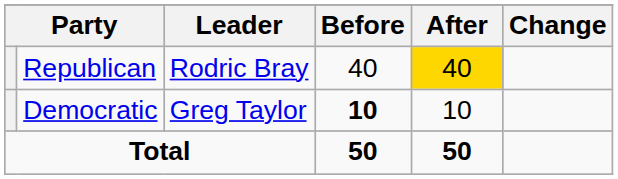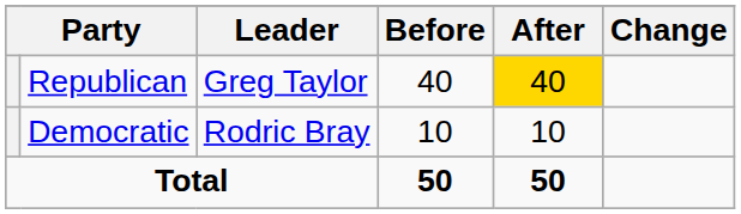 <table class="wikitable" style="text-align:center;">
 <tr>
 </tr>
 <tr>
 <th colspan="2">Party</th>
 <th>Leader</th>
 <th style="width:3em">Before</th>
 <th style="width:3em">After</th>
 <th style="width:3em">Change</th>
 </tr>
 <tr>
 <th style="background-color:"></th>
 <td style="text-align:left;"><a href='#'>Republican</a></td>
-<td style="text-align:left;"><a href='#'>Rodric Bray</a></td>
+<td style="text-align:left;"><a href='#'>Greg Taylor</a></td>
 <td>40</td>
 <td style="background: gold;">40</td>
 <td></td>
 </tr>
 <tr>
 <th style="background-color:"></th>
 <td style="text-align:left;"><a href='#'>Democratic</a></td>
-<td style="text-align:left;"><a href='#'>Greg Taylor</a></td>
-<td><strong>10</strong></td>
+<td style="text-align:left;"><a href='#'>Rodric Bray</a></td>
+<td>10</td>
 <td>10</td>
 <td></td>
 </tr>
 <tr>
 <td colspan="3"><strong>Total</strong></td>
 <td><strong>50</strong></td>
 <td><strong>50</strong></td>
 <td></td>
 </tr>
 </table>
